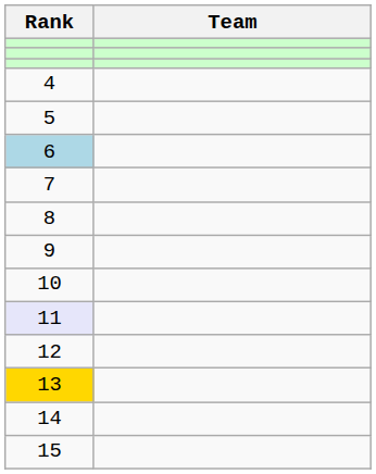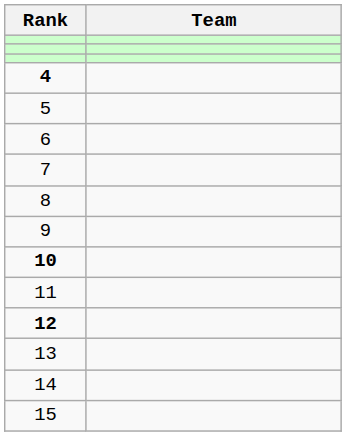 <table class="wikitable" style="text-align: center">
 <tr>
 <th width=50>Rank</th>
 <th width=170>Team</th>
 </tr>
 <tr bgcolor=#ccffcc>
 <td></td>
 <td align=left></td>
 </tr>
 <tr bgcolor=#ccffcc>
 <td></td>
 <td align=left></td>
 </tr>
 <tr bgcolor=#ccffcc>
 <td></td>
 <td align=left></td>
 </tr>
 <tr>
-<td>4</td>
+<td><strong>4</strong></td>
 <td align=left></td>
 </tr>
 <tr>
 <td>5</td>
 <td align=left></td>
 </tr>
 <tr>
-<td style="background: lightblue;">6</td>
+<td>6</td>
 <td align=left></td>
 </tr>
 <tr>
 <td>7</td>
 <td align=left></td>
 </tr>
 <tr>
 <td>8</td>
 <td align=left></td>
 </tr>
 <tr>
 <td>9</td>
 <td align=left></td>
 </tr>
 <tr>
-<td>10</td>
+<td><strong>10</strong></td>
 <td align=left></td>
 </tr>
 <tr>
-<td style="background: lavender;">11</td>
+<td>11</td>
 <td align=left></td>
 </tr>
 <tr>
-<td>12</td>
+<td><strong>12</strong></td>
 <td align=left></td>
 </tr>
 <tr>
-<td style="background: gold;">13</td>
+<td>13</td>
 <td align=left></td>
 </tr>
 <tr>
 <td>14</td>
 <td align=left></td>
 </tr>
 <tr>
 <td>15</td>
 <td align=left></td>
 </tr>
 </table>
